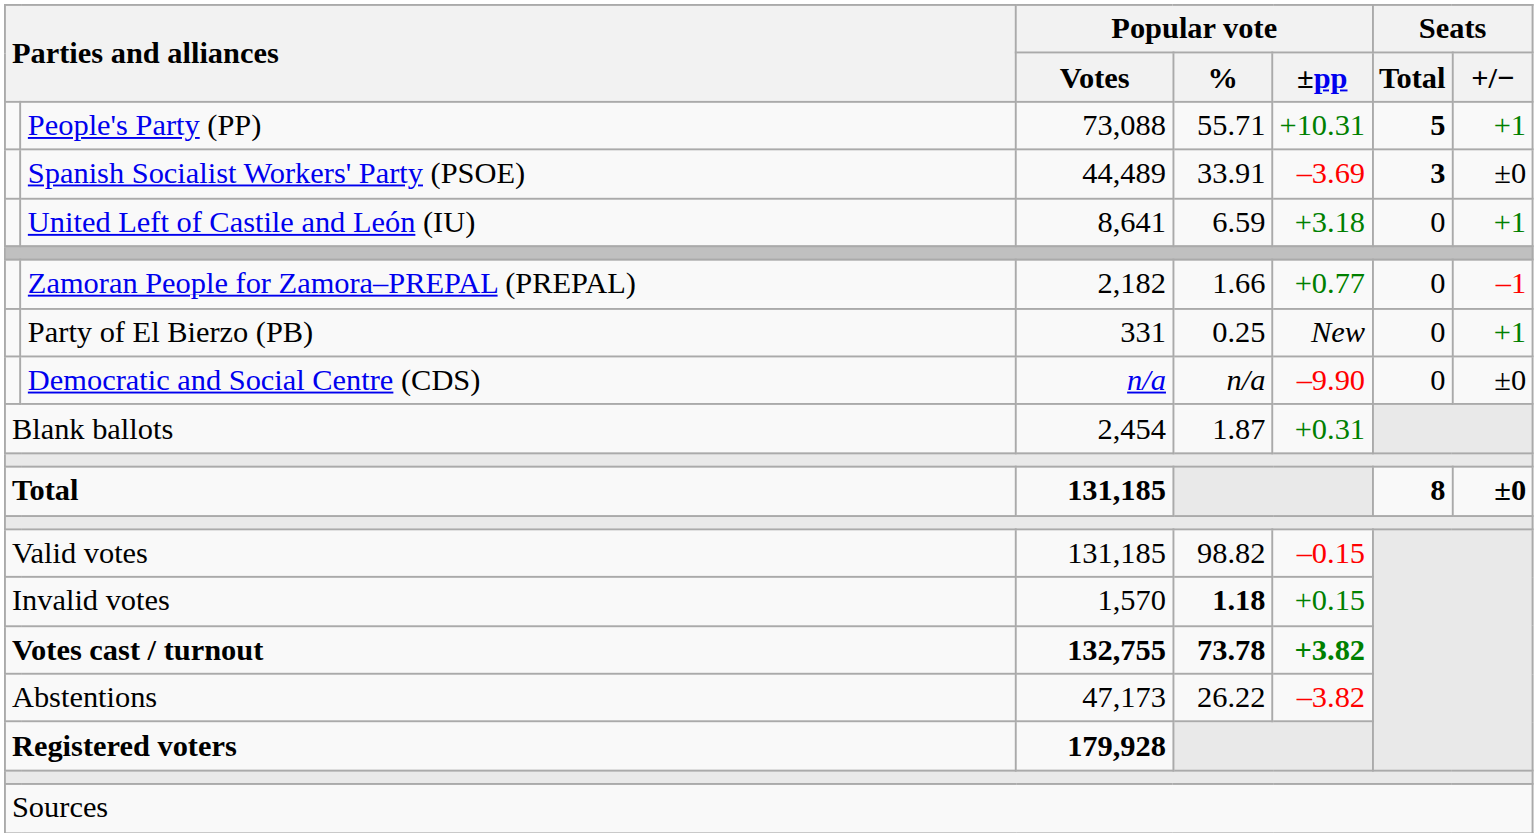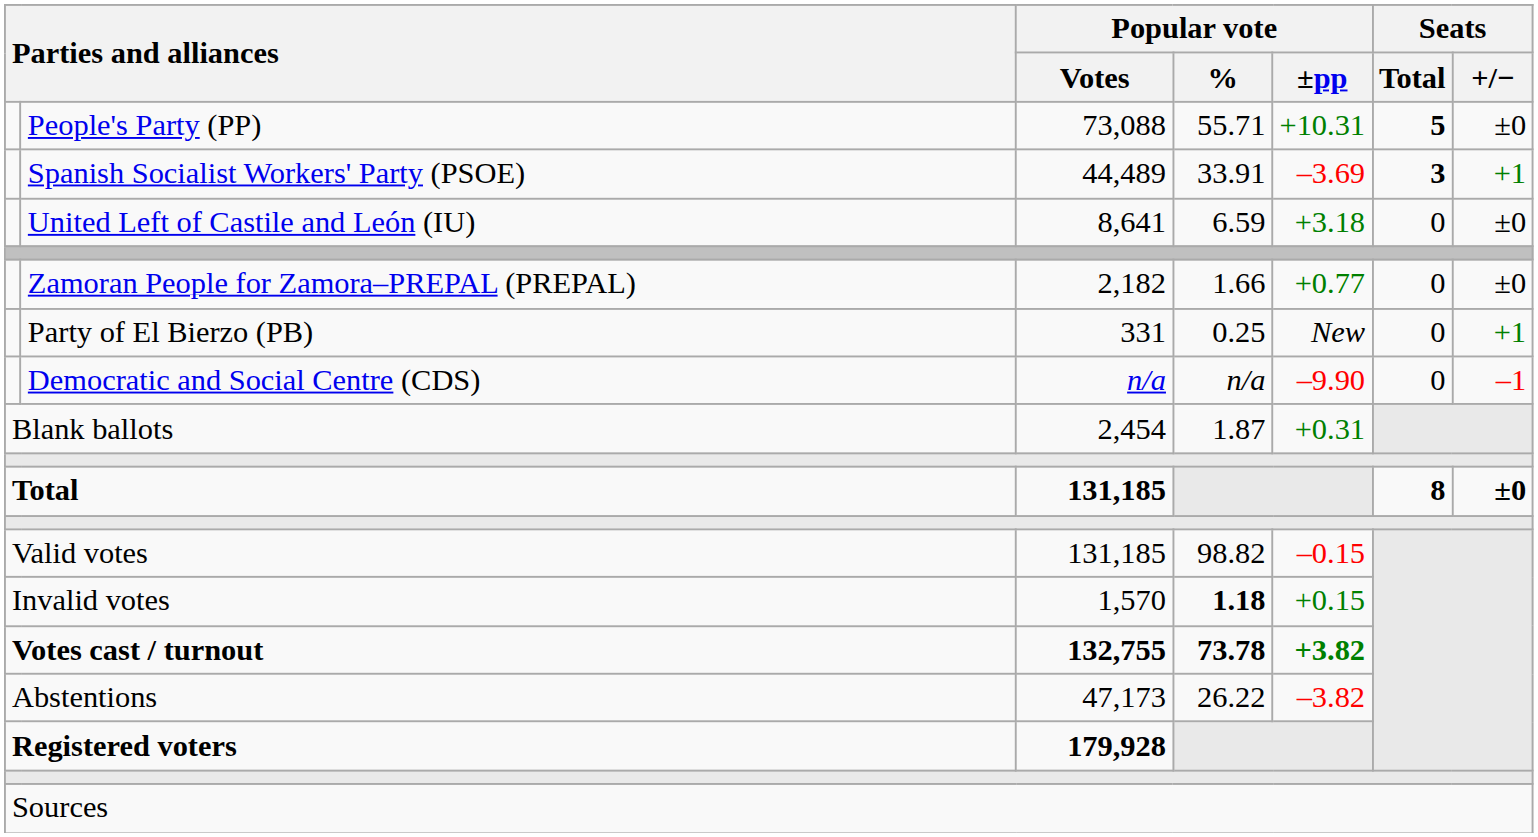 <table class="wikitable" style="text-align:right;">
 <tr>
 <th style="text-align:left;" rowspan="2" colspan="2" width="525">Parties and alliances</th>
 <th colspan="3">Popular vote</th>
 <th colspan="2">Seats</th>
 </tr>
 <tr>
 <th width="75">Votes</th>
 <th width="45">%</th>
 <th width="45">±<a href='#'>pp</a></th>
 <th width="35">Total</th>
 <th width="35">+/−</th>
 </tr>
 <tr>
 <td width="1" style="color:inherit;background:"></td>
 <td align="left"><a href='#'>People's Party</a> (PP)</td>
 <td>73,088</td>
 <td>55.71</td>
 <td style="color:green;">+10.31</td>
 <td><strong>5</strong></td>
-<td style="color:green;">+1</td>
+<td>±0</td>
 </tr>
 <tr>
 <td style="color:inherit;background:"></td>
 <td align="left"><a href='#'>Spanish Socialist Workers' Party</a> (PSOE)</td>
 <td>44,489</td>
 <td>33.91</td>
 <td style="color:red;">–3.69</td>
 <td><strong>3</strong></td>
-<td>±0</td>
+<td style="color:green;">+1</td>
 </tr>
 <tr>
 <td style="color:inherit;background:"></td>
 <td align="left"><a href='#'>United Left of Castile and León</a> (IU)</td>
 <td>8,641</td>
 <td>6.59</td>
 <td style="color:green;">+3.18</td>
 <td>0</td>
-<td style="color:green;">+1</td>
+<td>±0</td>
 </tr>
 <tr>
 <td colspan="7" bgcolor="#C0C0C0"></td>
 </tr>
 <tr>
 <td style="color:inherit;background:"></td>
 <td align="left"><a href='#'>Zamoran People for Zamora–PREPAL</a> (PREPAL)</td>
 <td>2,182</td>
 <td>1.66</td>
 <td style="color:green;">+0.77</td>
 <td>0</td>
-<td style="color:red;">–1</td>
+<td>±0</td>
 </tr>
 <tr>
 <td style="color:inherit;background:"></td>
 <td align="left">Party of El Bierzo (PB)</td>
 <td>331</td>
 <td>0.25</td>
 <td><em>New</em></td>
 <td>0</td>
 <td style="color:green;">+1</td>
 </tr>
 <tr>
 <td style="color:inherit;background:"></td>
 <td align="left"><a href='#'>Democratic and Social Centre</a> (CDS)</td>
 <td><em><a href='#'>n/a</a></em></td>
 <td><em>n/a</em></td>
 <td style="color:red;">–9.90</td>
 <td>0</td>
-<td>±0</td>
+<td style="color:red;">–1</td>
 </tr>
 <tr>
 <td align="left" colspan="2">Blank ballots</td>
 <td>2,454</td>
 <td>1.87</td>
 <td style="color:green;">+0.31</td>
 <td bgcolor="#E9E9E9" colspan="2"></td>
 </tr>
 <tr>
 <td colspan="7" bgcolor="#E9E9E9"></td>
 </tr>
 <tr style="font-weight:bold;">
 <td align="left" colspan="2">Total</td>
 <td>131,185</td>
 <td bgcolor="#E9E9E9" colspan="2"></td>
 <td>8</td>
 <td>±0</td>
 </tr>
 <tr>
 <td colspan="7" bgcolor="#E9E9E9"></td>
 </tr>
 <tr>
 <td align="left" colspan="2">Valid votes</td>
 <td>131,185</td>
 <td>98.82</td>
 <td style="color:red;">–0.15</td>
 <td bgcolor="#E9E9E9" colspan="2" rowspan="5"></td>
 </tr>
 <tr>
 <td align="left" colspan="2">Invalid votes</td>
 <td>1,570</td>
 <td><strong>1.18</strong></td>
 <td style="color:green;">+0.15</td>
 </tr>
 <tr style="font-weight:bold;">
 <td align="left" colspan="2">Votes cast / turnout</td>
 <td>132,755</td>
 <td>73.78</td>
 <td style="color:green;">+3.82</td>
 </tr>
 <tr>
 <td align="left" colspan="2">Abstentions</td>
 <td>47,173</td>
 <td>26.22</td>
 <td style="color:red;">–3.82</td>
 </tr>
 <tr style="font-weight:bold;">
 <td align="left" colspan="2">Registered voters</td>
 <td>179,928</td>
 <td bgcolor="#E9E9E9" colspan="2"></td>
 </tr>
 <tr>
 <td colspan="7" bgcolor="#E9E9E9"></td>
 </tr>
 <tr>
 <td align="left" colspan="7">Sources</td>
 </tr>
 </table>
